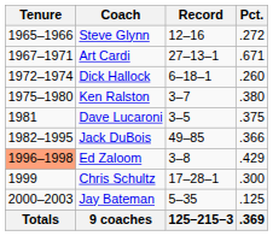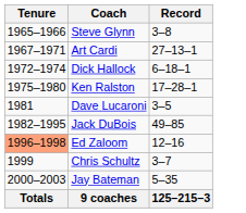 <table class="wikitable sortable">
 <tr>
 <th width=px>Tenure</th>
 <th width=px>Coach</th>
 <th width=px>Record</th>
-<th width=px>Pct.</th>
 </tr>
 <tr>
 <td>1965–1966</td>
 <td><a href='#'>Steve Glynn</a></td>
-<td>12–16</td>
-<td>.272</td>
+<td>3–8</td>
 </tr>
 <tr>
 <td>1967–1971</td>
 <td><a href='#'>Art Cardi</a></td>
 <td>27–13–1</td>
-<td>.671</td>
 </tr>
 <tr>
 <td>1972–1974</td>
 <td><a href='#'>Dick Hallock</a></td>
 <td>6–18–1</td>
-<td>.260</td>
 </tr>
 <tr>
 <td>1975–1980</td>
 <td><a href='#'>Ken Ralston</a></td>
-<td>3–7</td>
-<td>.380</td>
+<td>17–28–1</td>
 </tr>
 <tr>
 <td>1981</td>
 <td><a href='#'>Dave Lucaroni</a></td>
 <td>3–5</td>
-<td>.375</td>
 </tr>
 <tr>
 <td>1982–1995</td>
 <td><a href='#'>Jack DuBois</a></td>
 <td>49–85</td>
-<td>.366</td>
 </tr>
 <tr>
 <td style="background: lightsalmon;">1996–1998</td>
 <td><a href='#'>Ed Zaloom</a></td>
-<td>3–8</td>
-<td>.429</td>
+<td>12–16</td>
 </tr>
 <tr>
 <td>1999</td>
 <td><a href='#'>Chris Schultz</a></td>
-<td>17–28–1</td>
-<td>.300</td>
+<td>3–7</td>
 </tr>
 <tr>
 <td>2000–2003</td>
 <td><a href='#'>Jay Bateman</a></td>
 <td>5–35</td>
-<td>.125</td>
 </tr>
 <tr>
 <th>Totals</th>
 <th>9 coaches</th>
 <th>125–215–3</th>
-<th>.369</th>
 </tr>
 </table>
